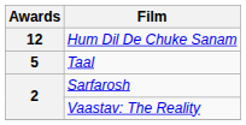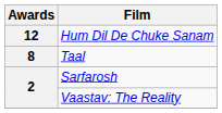 <table class="wikitable" style="display:inline-table;">
 <tr>
 <th>Awards</th>
 <th>Film</th>
 </tr>
 <tr>
 <th>12</th>
 <td><em><a href='#'>Hum Dil De Chuke Sanam</a></em></td>
 </tr>
 <tr>
-<th>5</th>
+<th>8</th>
 <td><em><a href='#'>Taal</a></em></td>
 </tr>
 <tr>
 <th rowspan="2">2</th>
 <td><em><a href='#'>Sarfarosh</a></em></td>
 </tr>
 <tr>
 <td><em><a href='#'>Vaastav: The Reality</a></em></td>
 </tr>
 <tr>
 </tr>
 </table>
